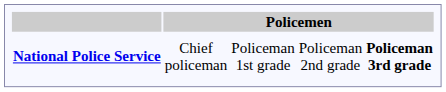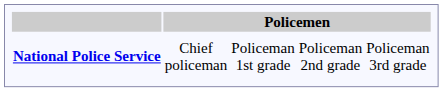 <table style="border:1px solid #8888aa; background-color:#f7f8ff; padding:5px; font-size:95%; margin: 0px 12px 12px 0px;">
 <tr style="background:#ccc;">
 <th></th>
 <th colspan=4>Policemen</th>
 </tr>
 <tr style="text-align:center;">
 <td rowspan=3> <strong><a href='#'>National Police Service</a></strong></td>
 <td></td>
 <td></td>
 <td></td>
 <td></td>
 </tr>
 <tr style="text-align:center;">
 <td>Chief<br>policeman</td>
 <td>Policeman<br>1st grade</td>
 <td>Policeman<br>2nd grade</td>
-<td><strong>Policeman<br>3rd grade</strong></td>
+<td>Policeman<br>3rd grade</td>
 </tr>
 <tr style="text-align:center;">
 <td></td>
 <td></td>
 <td></td>
 <td></td>
 </tr>
 </table>
